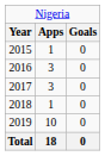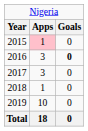 <table class="wikitable" style="text-align:center">
 <tr>
 <td colspan="3"><a href='#'>Nigeria</a></td>
 </tr>
 <tr>
 <th>Year</th>
 <th>Apps</th>
 <th>Goals</th>
 </tr>
 <tr>
 <td>2015</td>
-<td>1</td>
+<td style="background: pink;">1</td>
 <td>0</td>
 </tr>
 <tr>
 <td>2016</td>
 <td>3</td>
-<td>0</td>
+<td><strong>0</strong></td>
 </tr>
 <tr>
 <td>2017</td>
 <td>3</td>
 <td>0</td>
 </tr>
 <tr>
 <td>2018</td>
 <td>1</td>
 <td>0</td>
 </tr>
 <tr>
 <td>2019</td>
 <td>10</td>
 <td>0</td>
 </tr>
 <tr>
 <th>Total</th>
 <th>18</th>
 <th>0</th>
 </tr>
 </table>
